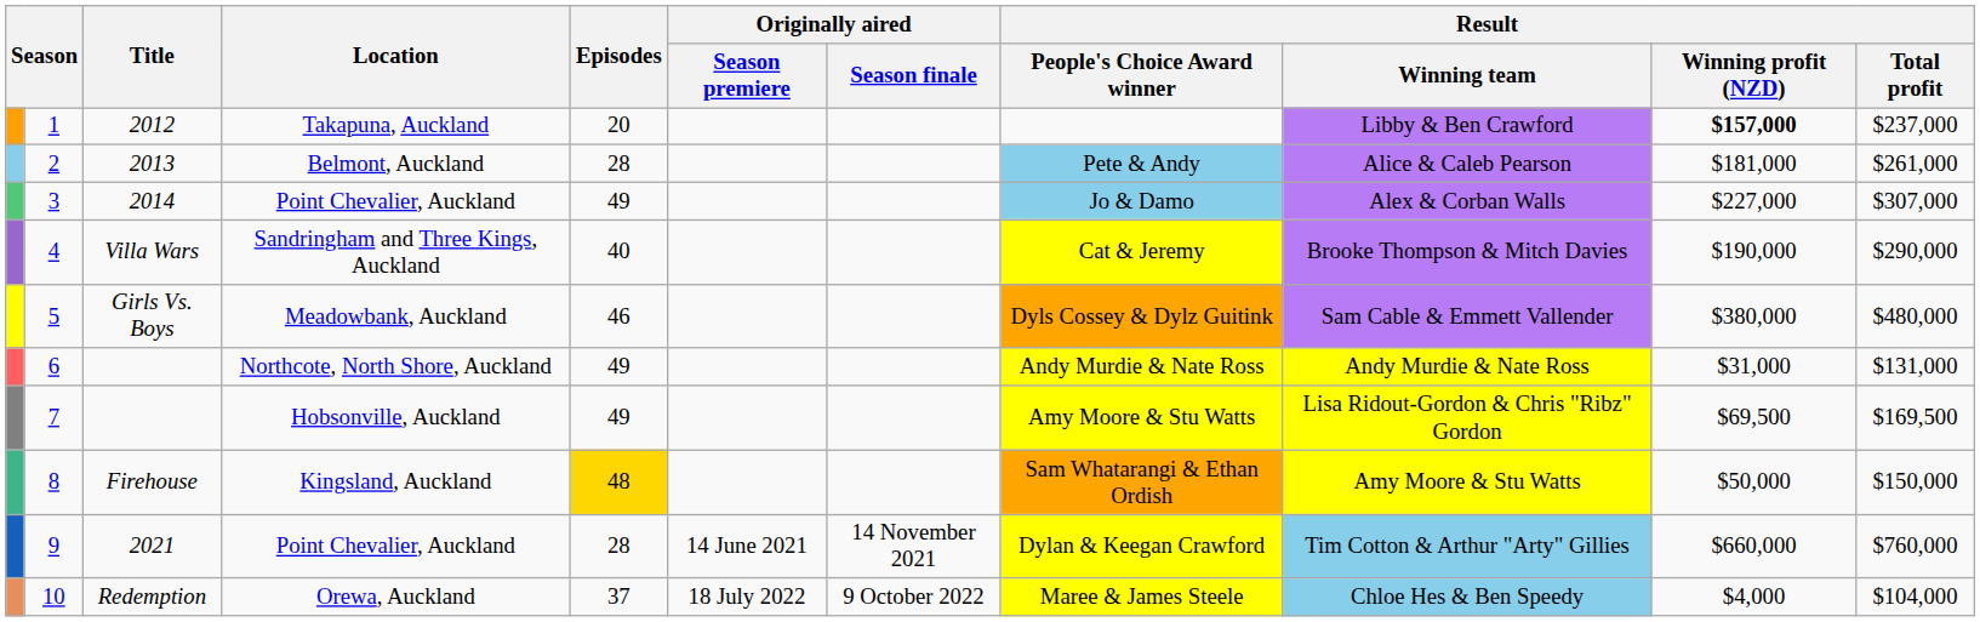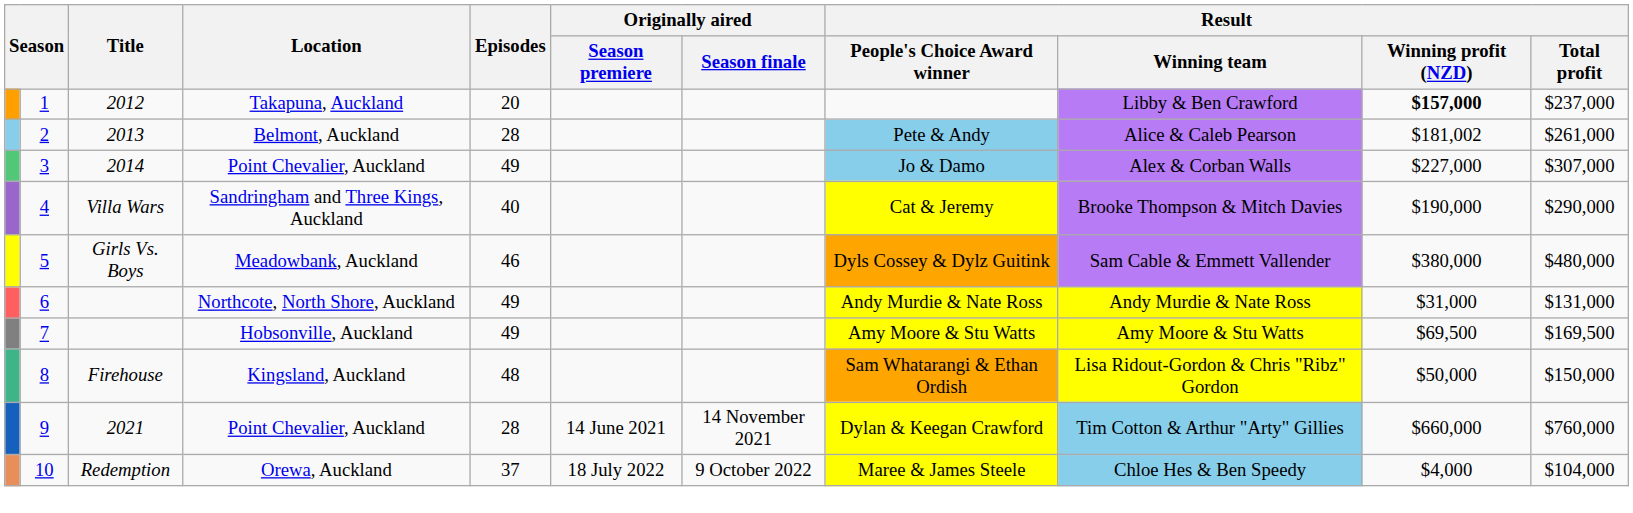 <table class="wikitable plainrowheaders" style="text-align: center; font-size:90%;">
 <tr>
 <th scope="col" colspan="2" rowspan="2">Season</th>
 <th scope="col" rowspan="2">Title</th>
 <th scope="col" rowspan="2">Location</th>
 <th scope="col" rowspan="2">Episodes</th>
 <th scope="col" colspan="2">Originally aired</th>
 <th scope="col" colspan="4">Result</th>
 </tr>
 <tr>
 <th scope="col"><a href='#'>Season premiere</a></th>
 <th scope="col"><a href='#'>Season finale</a></th>
 <th scope="col">People's Choice Award winner</th>
 <th scope="col">Winning team</th>
 <th scope="col">Winning profit (<a href='#'>NZD</a>)</th>
 <th scope="col">Total profit</th>
 </tr>
 <tr>
 <td ! style="background:#FFA000; colour:black;"></td>
 <td><a href='#'>1</a></td>
 <td><em>2012</em></td>
 <td><a href='#'>Takapuna</a>, <a href='#'>Auckland</a></td>
 <td>20</td>
 <td></td>
 <td></td>
 <td></td>
 <td style='background:#B87BF6;'>Libby & Ben Crawford</td>
 <td><strong>$157,000</strong></td>
 <td>$237,000</td>
 </tr>
 <tr>
 <td style="background:skyblue; colour:black;"></td>
 <td><a href='#'>2</a></td>
 <td><em>2013</em></td>
 <td><a href='#'>Belmont</a>, Auckland</td>
 <td>28</td>
 <td></td>
 <td></td>
 <td scope="col" style="background:skyblue; colour:black;">Pete & Andy</td>
 <td style='background:#B87BF6;'>Alice & Caleb Pearson</td>
-<td>$181,000</td>
+<td>$181,002</td>
 <td>$261,000</td>
 </tr>
 <tr>
 <td style="background:#50C878; colour:black;"></td>
 <td><a href='#'>3</a></td>
 <td><em>2014</em></td>
 <td><a href='#'>Point Chevalier</a>, Auckland</td>
 <td>49</td>
 <td></td>
 <td></td>
 <td scope="col" style="background:skyblue; colour:black;">Jo & Damo</td>
 <td style='background:#B87BF6;'>Alex & Corban Walls</td>
 <td>$227,000</td>
 <td>$307,000</td>
 </tr>
 <tr>
 <td style="background:#96c; colour:white;"></td>
 <td><a href='#'>4</a></td>
 <td><em>Villa Wars</em></td>
 <td><a href='#'>Sandringham</a> and <a href='#'>Three Kings</a>, Auckland</td>
 <td>40</td>
 <td></td>
 <td></td>
 <td style='background:#FFFF00;'>Cat & Jeremy</td>
 <td style='background:#B87BF6;'>Brooke Thompson & Mitch Davies</td>
 <td>$190,000</td>
 <td>$290,000</td>
 </tr>
 <tr>
 <td style="background:#ff0; colour:black;"></td>
 <td><a href='#'>5</a></td>
 <td><em>Girls Vs. Boys</em></td>
 <td><a href='#'>Meadowbank</a>, Auckland</td>
 <td>46</td>
 <td></td>
 <td></td>
 <td style="background:#B87BF6; background-color:orange">Dyls Cossey & Dylz Guitink</td>
 <td style='background:#B87BF6;'>Sam Cable & Emmett Vallender</td>
 <td>$380,000</td>
 <td>$480,000</td>
 </tr>
 <tr>
 <td style="background:#FF5F5F; colour:white;"></td>
 <td><a href='#'>6</a></td>
 <td></td>
 <td><a href='#'>Northcote</a>, <a href='#'>North Shore</a>, Auckland</td>
 <td>49</td>
 <td></td>
 <td></td>
 <td style='background:#FFFF00;'>Andy Murdie & Nate Ross</td>
 <td style='background:#FFFF00;'>Andy Murdie & Nate Ross</td>
 <td>$31,000</td>
 <td>$131,000</td>
 </tr>
 <tr>
 <td style="background:Grey; colour:white;"></td>
 <td><a href='#'>7</a></td>
 <td></td>
 <td><a href='#'>Hobsonville</a>, Auckland</td>
 <td>49</td>
 <td></td>
 <td></td>
 <td style='background:#FFFF00;'>Amy Moore & Stu Watts</td>
-<td style='background:#FFFF00;'>Lisa Ridout-Gordon & Chris "Ribz" Gordon</td>
+<td style='background:#FFFF00;'>Amy Moore & Stu Watts</td>
 <td>$69,500</td>
 <td>$169,500</td>
 </tr>
 <tr>
 <td style="background:#3EB489; colour:white;"></td>
 <td><a href='#'>8</a></td>
 <td><em>Firehouse</em></td>
 <td><a href='#'>Kingsland</a>, Auckland</td>
-<td style="background: gold;">48</td>
+<td>48</td>
 <td></td>
 <td></td>
 <td style="background:#B87BF6; background-color:orange";>Sam Whatarangi & Ethan Ordish</td>
-<td style='background:#FFFF00;'>Amy Moore & Stu Watts</td>
+<td style='background:#FFFF00;'>Lisa Ridout-Gordon & Chris "Ribz" Gordon</td>
 <td>$50,000</td>
 <td>$150,000</td>
 </tr>
 <tr>
 <td style="background:#1560BD; colour:white;"></td>
 <td><a href='#'>9</a></td>
 <td><em>2021</em></td>
 <td><a href='#'>Point Chevalier</a>, Auckland</td>
 <td>28</td>
 <td>14 June 2021</td>
 <td>14 November 2021</td>
 <td style="background:#FFFF00;">Dylan & Keegan Crawford</td>
 <td style="background:skyblue;">Tim Cotton & Arthur "Arty" Gillies</td>
 <td>$660,000</td>
 <td>$760,000</td>
 </tr>
 <tr>
 <td style="background:#E88E5A; colour:white;"></td>
 <td><a href='#'>10</a></td>
 <td><em>Redemption</em></td>
 <td><a href='#'>Orewa</a>, Auckland</td>
 <td>37</td>
 <td>18 July 2022</td>
 <td>9 October 2022</td>
 <td style="background-color: yellow;">Maree & James Steele</td>
 <td style="background-color: skyblue;">Chloe Hes & Ben Speedy</td>
 <td>$4,000</td>
 <td>$104,000</td>
 </tr>
 </table>
